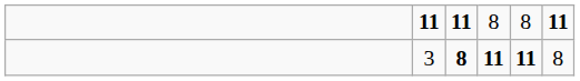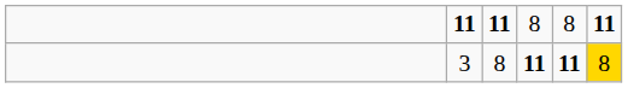 <table class="wikitable">
 <tr>
 <td style="width:18em"><strong></strong></td>
 <td align=center style="width:1em"><strong>11</strong></td>
 <td align=center style="width:1em"><strong>11</strong></td>
 <td align=center style="width:1em">8</td>
 <td align=center style="width:1em">8</td>
 <td align=center style="width:1em"><strong>11</strong></td>
 </tr>
 <tr>
 <td style="width:18em"></td>
 <td align=center style="width:1em">3</td>
-<td align=center style="width:1em"><strong>8</strong></td>
+<td align=center style="width:1em">8</td>
 <td align=center style="width:1em"><strong>11</strong></td>
 <td align=center style="width:1em"><strong>11</strong></td>
-<td align=center style="width:1em">8</td>
+<td align=center style="background: gold; width:1em">8</td>
 </tr>
 </table>
